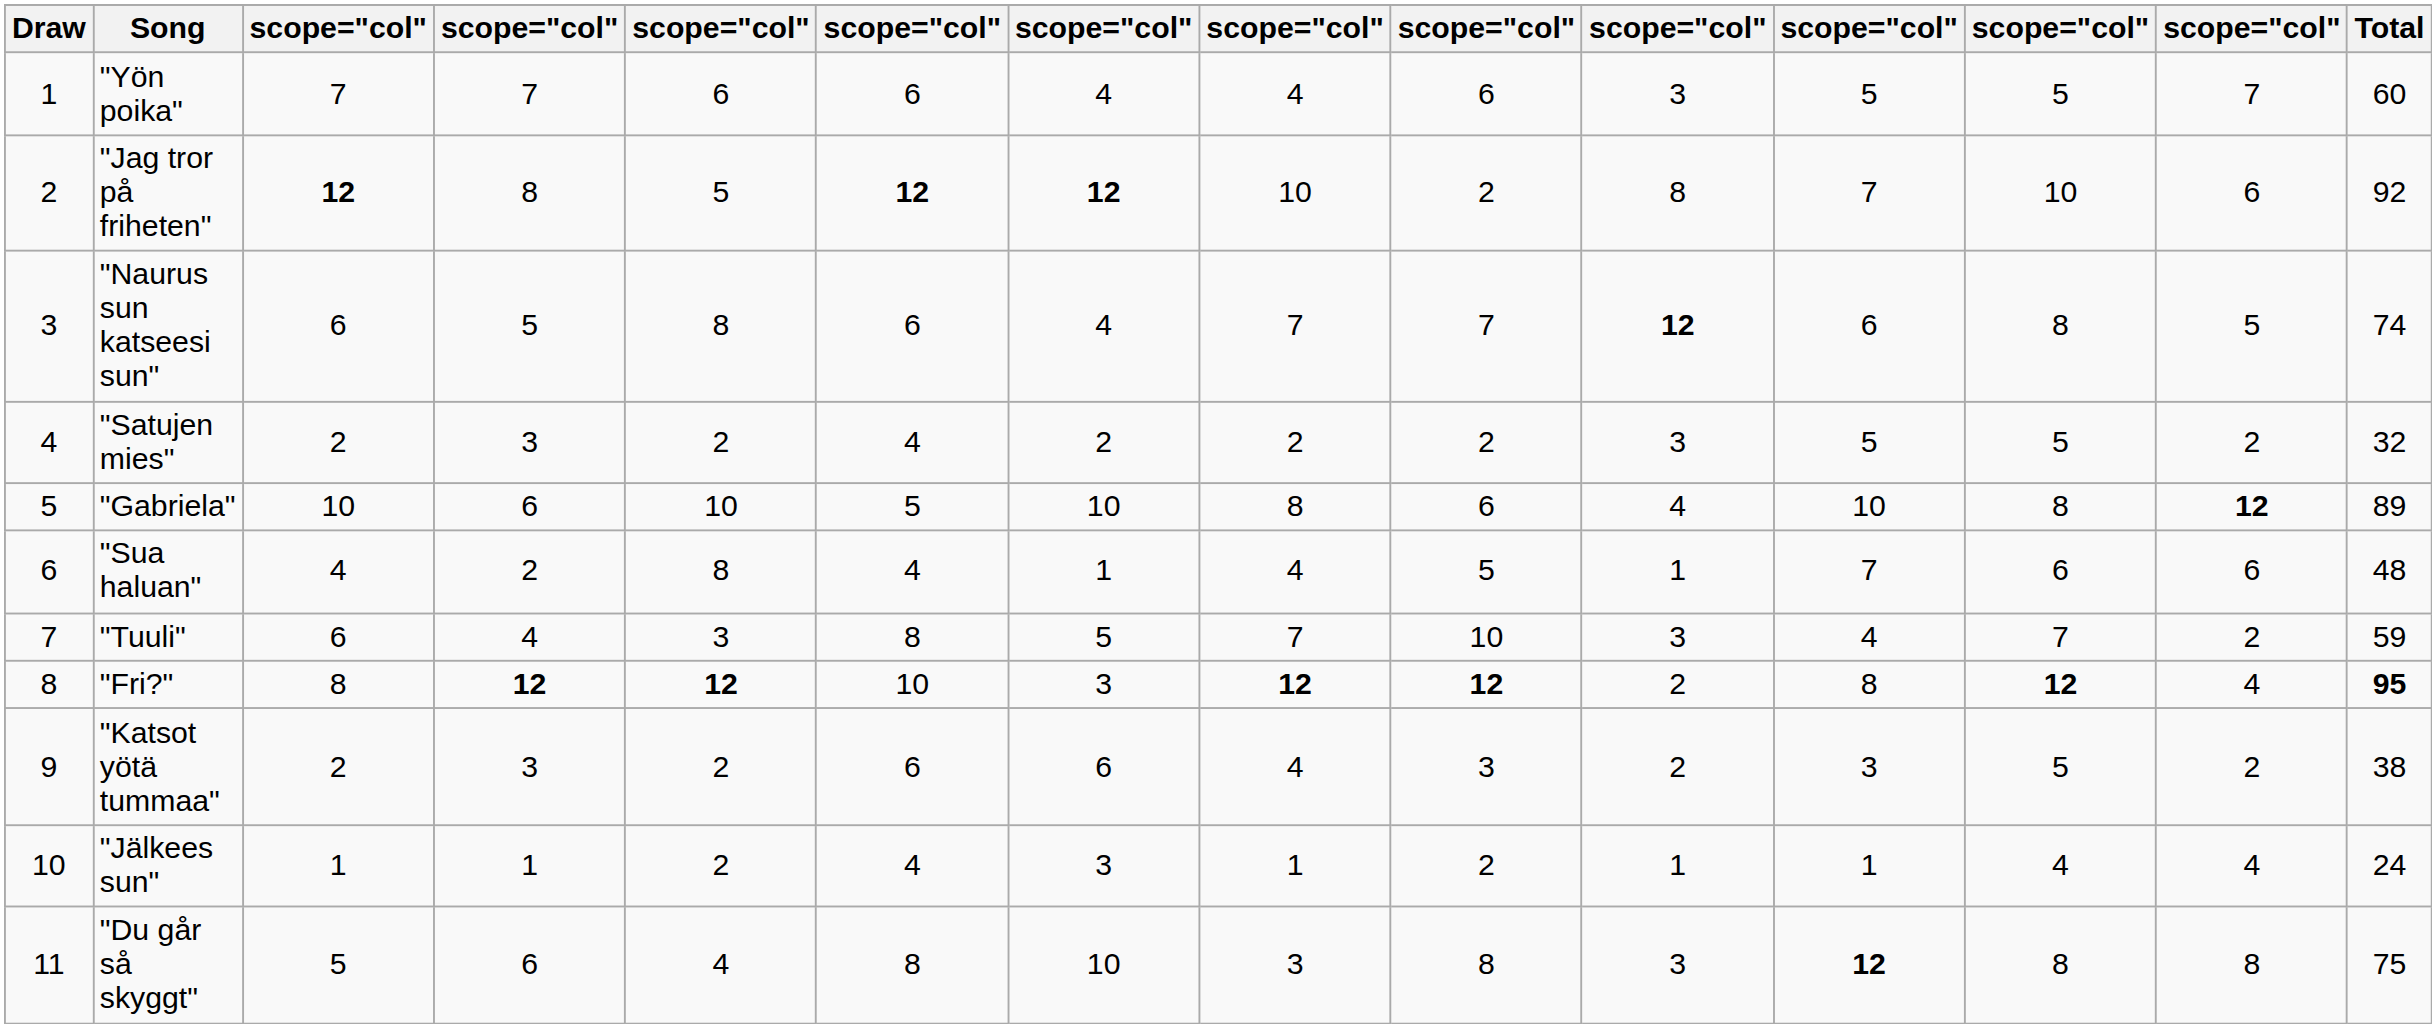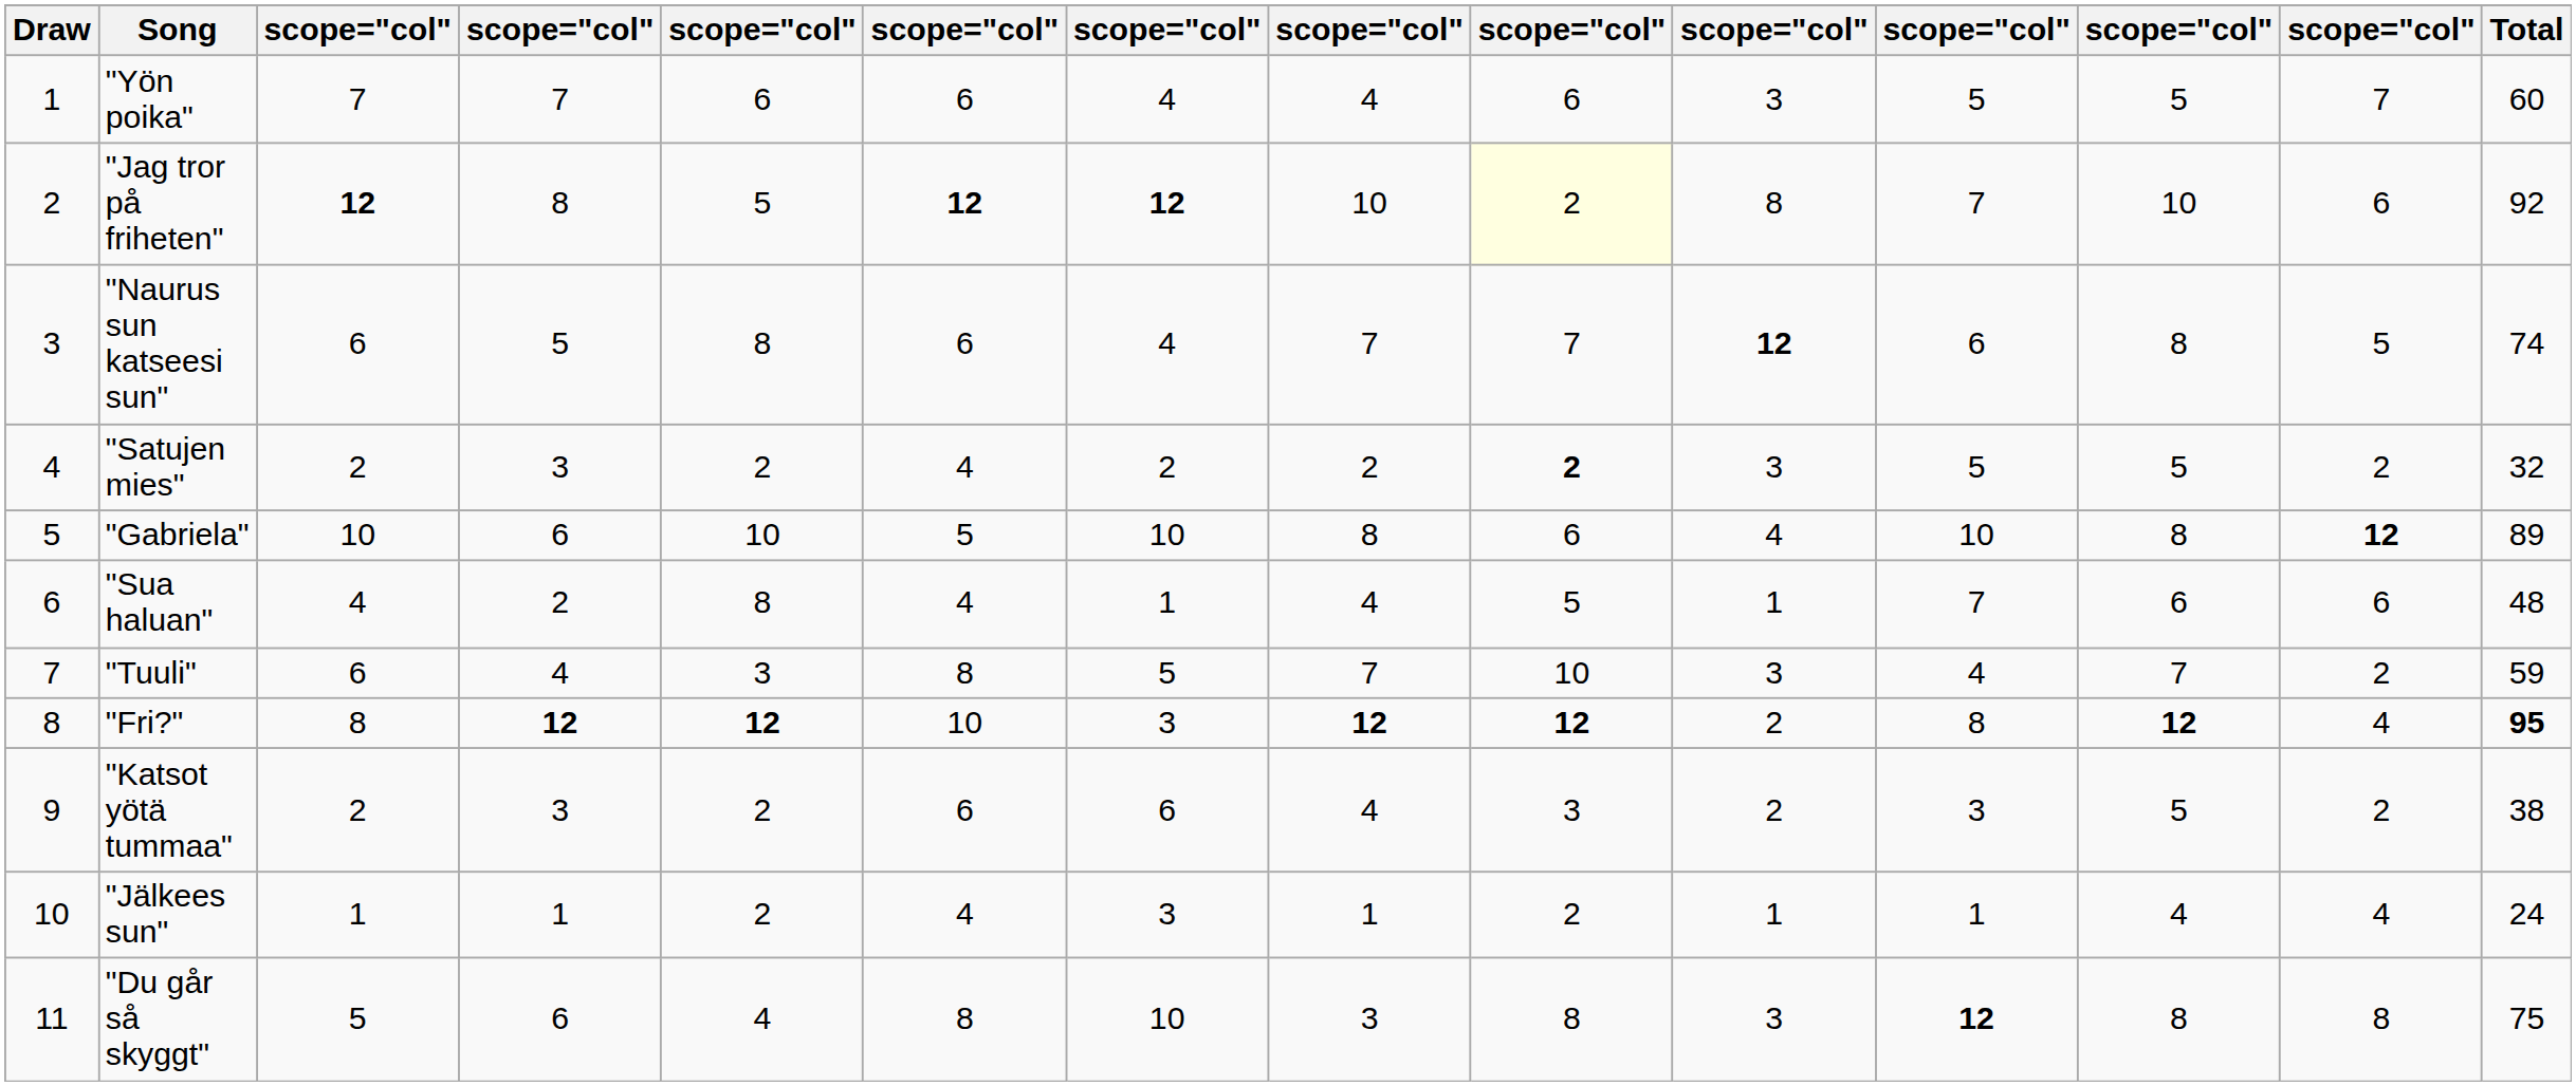 <table class="wikitable plainrowheaders" style="margin: 1em auto 1em auto; text-align:center;">
 <tr>
 </tr>
 <tr>
 <th scope="col">Draw</th>
 <th scope="col">Song</th>
 <th>scope="col" </th>
 <th>scope="col" </th>
 <th>scope="col" </th>
 <th>scope="col" </th>
 <th>scope="col" </th>
 <th>scope="col" </th>
 <th>scope="col" </th>
 <th>scope="col" </th>
 <th>scope="col" </th>
 <th>scope="col" </th>
 <th>scope="col" </th>
 <th scope="col">Total</th>
 </tr>
 <tr>
 <td>1</td>
 <td align="left">"Yön poika"</td>
 <td>7</td>
 <td>7</td>
 <td>6</td>
 <td>6</td>
 <td>4</td>
 <td>4</td>
 <td>6</td>
 <td>3</td>
 <td>5</td>
 <td>5</td>
 <td>7</td>
 <td>60</td>
 </tr>
 <tr>
 <td>2</td>
 <td align="left">"Jag tror på friheten"</td>
 <td><strong>12</strong></td>
 <td>8</td>
 <td>5</td>
 <td><strong>12</strong></td>
 <td><strong>12</strong></td>
 <td>10</td>
-<td>2</td>
+<td style="background: lightyellow;">2</td>
 <td>8</td>
 <td>7</td>
 <td>10</td>
 <td>6</td>
 <td>92</td>
 </tr>
 <tr>
 <td>3</td>
 <td align="left">"Naurus sun katseesi sun"</td>
 <td>6</td>
 <td>5</td>
 <td>8</td>
 <td>6</td>
 <td>4</td>
 <td>7</td>
 <td>7</td>
 <td><strong>12</strong></td>
 <td>6</td>
 <td>8</td>
 <td>5</td>
 <td>74</td>
 </tr>
 <tr>
 <td>4</td>
 <td align="left">"Satujen mies"</td>
 <td>2</td>
 <td>3</td>
 <td>2</td>
 <td>4</td>
 <td>2</td>
 <td>2</td>
-<td>2</td>
+<td><strong>2</strong></td>
 <td>3</td>
 <td>5</td>
 <td>5</td>
 <td>2</td>
 <td>32</td>
 </tr>
 <tr>
 <td>5</td>
 <td align="left">"Gabriela"</td>
 <td>10</td>
 <td>6</td>
 <td>10</td>
 <td>5</td>
 <td>10</td>
 <td>8</td>
 <td>6</td>
 <td>4</td>
 <td>10</td>
 <td>8</td>
 <td><strong>12</strong></td>
 <td>89</td>
 </tr>
 <tr>
 <td>6</td>
 <td align="left">"Sua haluan"</td>
 <td>4</td>
 <td>2</td>
 <td>8</td>
 <td>4</td>
 <td>1</td>
 <td>4</td>
 <td>5</td>
 <td>1</td>
 <td>7</td>
 <td>6</td>
 <td>6</td>
 <td>48</td>
 </tr>
 <tr>
 <td>7</td>
 <td align="left">"Tuuli"</td>
 <td>6</td>
 <td>4</td>
 <td>3</td>
 <td>8</td>
 <td>5</td>
 <td>7</td>
 <td>10</td>
 <td>3</td>
 <td>4</td>
 <td>7</td>
 <td>2</td>
 <td>59</td>
 </tr>
 <tr>
 <td>8</td>
 <td align="left">"Fri?"</td>
 <td>8</td>
 <td><strong>12</strong></td>
 <td><strong>12</strong></td>
 <td>10</td>
 <td>3</td>
 <td><strong>12</strong></td>
 <td><strong>12</strong></td>
 <td>2</td>
 <td>8</td>
 <td><strong>12</strong></td>
 <td>4</td>
 <td><strong>95</strong></td>
 </tr>
 <tr>
 <td>9</td>
 <td align="left">"Katsot yötä tummaa"</td>
 <td>2</td>
 <td>3</td>
 <td>2</td>
 <td>6</td>
 <td>6</td>
 <td>4</td>
 <td>3</td>
 <td>2</td>
 <td>3</td>
 <td>5</td>
 <td>2</td>
 <td>38</td>
 </tr>
 <tr>
 <td>10</td>
 <td align="left">"Jälkees sun"</td>
 <td>1</td>
 <td>1</td>
 <td>2</td>
 <td>4</td>
 <td>3</td>
 <td>1</td>
 <td>2</td>
 <td>1</td>
 <td>1</td>
 <td>4</td>
 <td>4</td>
 <td>24</td>
 </tr>
 <tr>
 <td>11</td>
 <td align="left">"Du går så skyggt"</td>
 <td>5</td>
 <td>6</td>
 <td>4</td>
 <td>8</td>
 <td>10</td>
 <td>3</td>
 <td>8</td>
 <td>3</td>
 <td><strong>12</strong></td>
 <td>8</td>
 <td>8</td>
 <td>75</td>
 </tr>
 </table>
